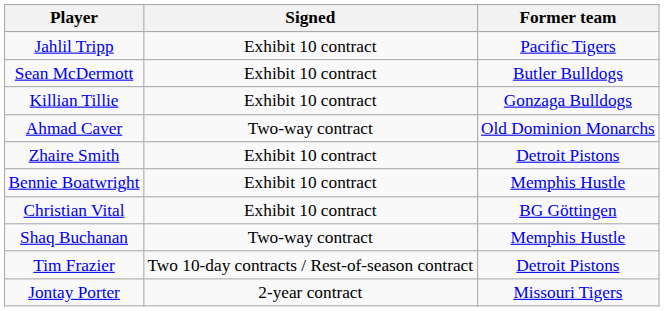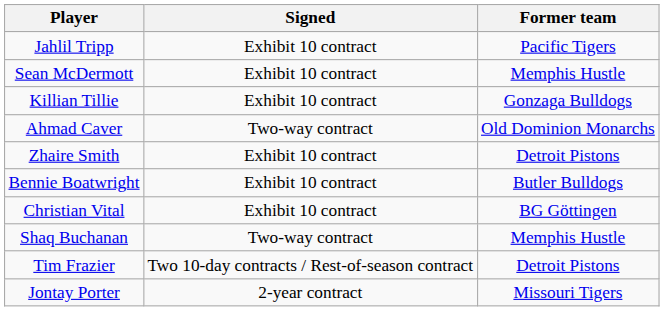 <table class="wikitable sortable sortable" style="text-align: center">
 <tr>
 <th>Player</th>
 <th>Signed</th>
 <th>Former team</th>
 </tr>
 <tr style="text-align: center">
 <td><a href='#'>Jahlil Tripp</a></td>
 <td>Exhibit 10 contract</td>
 <td><a href='#'>Pacific Tigers</a></td>
 </tr>
 <tr style="text-align: center">
 <td><a href='#'>Sean McDermott</a></td>
 <td>Exhibit 10 contract</td>
-<td><a href='#'>Butler Bulldogs</a></td>
+<td><a href='#'>Memphis Hustle</a></td>
 </tr>
 <tr style="text-align: center">
 <td><a href='#'>Killian Tillie</a></td>
 <td>Exhibit 10 contract</td>
 <td><a href='#'>Gonzaga Bulldogs</a></td>
 </tr>
 <tr style="text-align: center">
 <td><a href='#'>Ahmad Caver</a></td>
 <td>Two-way contract</td>
 <td><a href='#'>Old Dominion Monarchs</a></td>
 </tr>
 <tr style="text-align: center">
 <td><a href='#'>Zhaire Smith</a></td>
 <td>Exhibit 10 contract</td>
 <td><a href='#'>Detroit Pistons</a></td>
 </tr>
 <tr style="text-align: center">
 <td><a href='#'>Bennie Boatwright</a></td>
 <td>Exhibit 10 contract</td>
-<td><a href='#'>Memphis Hustle</a></td>
+<td><a href='#'>Butler Bulldogs</a></td>
 </tr>
 <tr style="text-align: center">
 <td><a href='#'>Christian Vital</a></td>
 <td>Exhibit 10 contract</td>
 <td> <a href='#'>BG Göttingen</a></td>
 </tr>
 <tr style="text-align: center">
 <td><a href='#'>Shaq Buchanan</a></td>
 <td>Two-way contract</td>
 <td><a href='#'>Memphis Hustle</a></td>
 </tr>
 <tr style="text-align: center">
 <td><a href='#'>Tim Frazier</a></td>
 <td>Two 10-day contracts / Rest-of-season contract</td>
 <td><a href='#'>Detroit Pistons</a></td>
 </tr>
 <tr style="text-align: center">
 <td><a href='#'>Jontay Porter</a></td>
 <td>2-year contract</td>
 <td><a href='#'>Missouri Tigers</a></td>
 </tr>
 </table>
